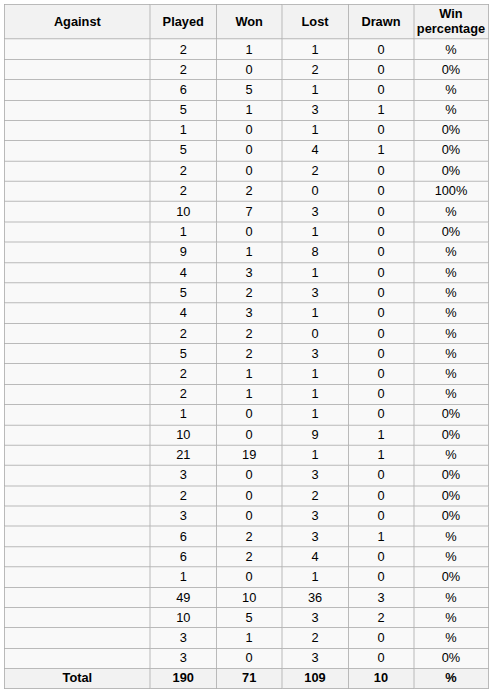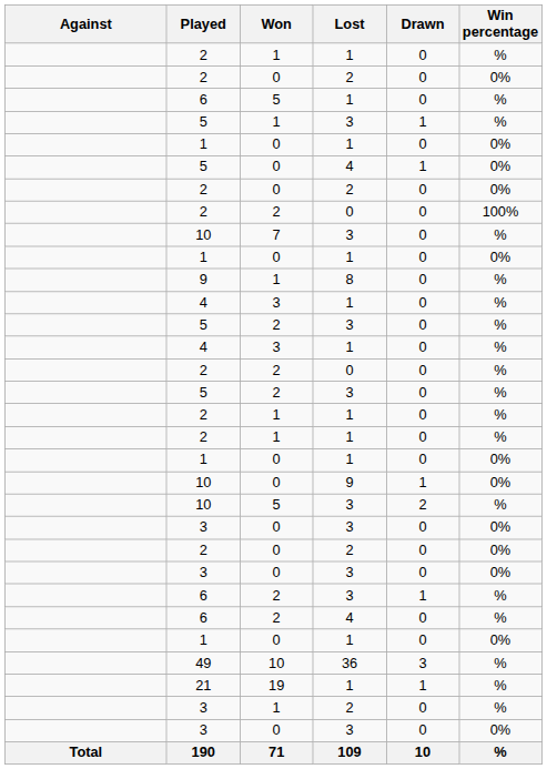 <table class="wikitable sortable" style="border:1px solid #CCCCCC">
 <tr>
 <th align="left" width="175" bgcolor="#CCCCCC">Against</th>
 <th align="center" width="75" bgcolor="#CCCCCC">Played</th>
 <th align="center" width="75" bgcolor="#CCCCCC">Won</th>
 <th align="center" width="75" bgcolor="#CCCCCC">Lost</th>
 <th align="center" width="75" bgcolor="#CCCCCC">Drawn</th>
 <th align="center" width="75" bgcolor="#CCCCCC">Win percentage</th>
 </tr>
 <tr style="text-align:center;">
 <td align="left"></td>
 <td>2</td>
 <td>1</td>
 <td>1</td>
 <td>0</td>
 <td>%</td>
 </tr>
 <tr style="text-align:center;">
 <td align="left"></td>
 <td>2</td>
 <td>0</td>
 <td>2</td>
 <td>0</td>
 <td>0%</td>
 </tr>
 <tr style="text-align:center;">
 <td align="left"></td>
 <td>6</td>
 <td>5</td>
 <td>1</td>
 <td>0</td>
 <td>%</td>
 </tr>
 <tr style="text-align:center;">
 <td align="left"></td>
 <td>5</td>
 <td>1</td>
 <td>3</td>
 <td>1</td>
 <td>%</td>
 </tr>
 <tr style="text-align:center;">
 <td align="left"></td>
 <td>1</td>
 <td>0</td>
 <td>1</td>
 <td>0</td>
 <td>0%</td>
 </tr>
 <tr style="text-align:center;">
 <td align="left"></td>
 <td>5</td>
 <td>0</td>
 <td>4</td>
 <td>1</td>
 <td>0%</td>
 </tr>
 <tr style="text-align:center;">
 <td align="left"></td>
 <td>2</td>
 <td>0</td>
 <td>2</td>
 <td>0</td>
 <td>0%</td>
 </tr>
 <tr style="text-align:center;">
 <td align="left"></td>
 <td>2</td>
 <td>2</td>
 <td>0</td>
 <td>0</td>
 <td>100%</td>
 </tr>
 <tr style="text-align:center;">
 <td align="left"></td>
 <td>10</td>
 <td>7</td>
 <td>3</td>
 <td>0</td>
 <td>%</td>
 </tr>
 <tr style="text-align:center;">
 <td align="left"></td>
 <td>1</td>
 <td>0</td>
 <td>1</td>
 <td>0</td>
 <td>0%</td>
 </tr>
 <tr style="text-align:center;">
 <td align="left"></td>
 <td>9</td>
 <td>1</td>
 <td>8</td>
 <td>0</td>
 <td>%</td>
 </tr>
 <tr style="text-align:center;">
 <td align="left"></td>
 <td>4</td>
 <td>3</td>
 <td>1</td>
 <td>0</td>
 <td>%</td>
 </tr>
 <tr style="text-align:center;">
 <td align="left"></td>
 <td>5</td>
 <td>2</td>
 <td>3</td>
 <td>0</td>
 <td>%</td>
 </tr>
 <tr style="text-align:center;">
 <td align="left"></td>
 <td>4</td>
 <td>3</td>
 <td>1</td>
 <td>0</td>
 <td>%</td>
 </tr>
 <tr style="text-align:center;">
 <td align="left"></td>
 <td>2</td>
 <td>2</td>
 <td>0</td>
 <td>0</td>
 <td>%</td>
 </tr>
 <tr style="text-align:center;">
 <td align="left"></td>
 <td>5</td>
 <td>2</td>
 <td>3</td>
 <td>0</td>
 <td>%</td>
 </tr>
 <tr style="text-align:center;">
 <td align="left"></td>
 <td>2</td>
 <td>1</td>
 <td>1</td>
 <td>0</td>
 <td>%</td>
 </tr>
 <tr style="text-align:center;">
 <td align="left"></td>
 <td>2</td>
 <td>1</td>
 <td>1</td>
 <td>0</td>
 <td>%</td>
 </tr>
 <tr style="text-align:center;">
 <td align="left"></td>
 <td>1</td>
 <td>0</td>
 <td>1</td>
 <td>0</td>
 <td>0%</td>
 </tr>
 <tr style="text-align:center;">
 <td align="left"></td>
 <td>10</td>
 <td>0</td>
 <td>9</td>
 <td>1</td>
 <td>0%</td>
 </tr>
 <tr style="text-align:center;">
 <td align="left"></td>
-<td>21</td>
-<td>19</td>
-<td>1</td>
-<td>1</td>
+<td>10</td>
+<td>5</td>
+<td>3</td>
+<td>2</td>
 <td>%</td>
 </tr>
 <tr style="text-align:center;">
 <td align="left"></td>
 <td>3</td>
 <td>0</td>
 <td>3</td>
 <td>0</td>
 <td>0%</td>
 </tr>
 <tr style="text-align:center;">
 <td align="left"></td>
 <td>2</td>
 <td>0</td>
 <td>2</td>
 <td>0</td>
 <td>0%</td>
 </tr>
 <tr style="text-align:center;">
 <td align="left"></td>
 <td>3</td>
 <td>0</td>
 <td>3</td>
 <td>0</td>
 <td>0%</td>
 </tr>
 <tr style="text-align:center;">
 <td align="left"></td>
 <td>6</td>
 <td>2</td>
 <td>3</td>
 <td>1</td>
 <td>%</td>
 </tr>
 <tr style="text-align:center;">
 <td align="left"></td>
 <td>6</td>
 <td>2</td>
 <td>4</td>
 <td>0</td>
 <td>%</td>
 </tr>
 <tr style="text-align:center;">
 <td align="left"></td>
 <td>1</td>
 <td>0</td>
 <td>1</td>
 <td>0</td>
 <td>0%</td>
 </tr>
 <tr style="text-align:center;">
 <td align="left"></td>
 <td>49</td>
 <td>10</td>
 <td>36</td>
 <td>3</td>
 <td>%</td>
 </tr>
 <tr style="text-align:center;">
 <td align="left"></td>
-<td>10</td>
-<td>5</td>
-<td>3</td>
-<td>2</td>
+<td>21</td>
+<td>19</td>
+<td>1</td>
+<td>1</td>
 <td>%</td>
 </tr>
 <tr style="text-align:center;">
 <td align="left"></td>
 <td>3</td>
 <td>1</td>
 <td>2</td>
 <td>0</td>
 <td>%</td>
 </tr>
 <tr style="text-align:center;">
 <td align="left"></td>
 <td>3</td>
 <td>0</td>
 <td>3</td>
 <td>0</td>
 <td>0%</td>
 </tr>
 <tr class="sortbottom">
 <th>Total</th>
 <th><strong>190</strong></th>
 <th><strong>71</strong></th>
 <th><strong>109</strong></th>
 <th><strong>10</strong></th>
 <th><strong>%</strong></th>
 </tr>
 </table>
